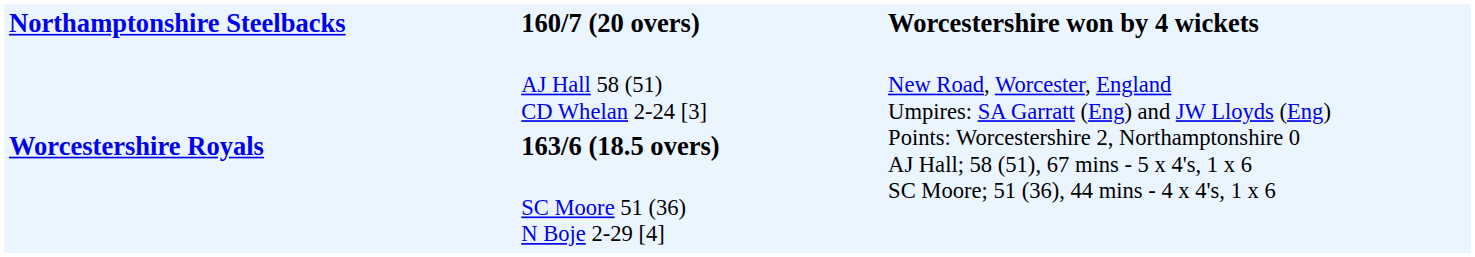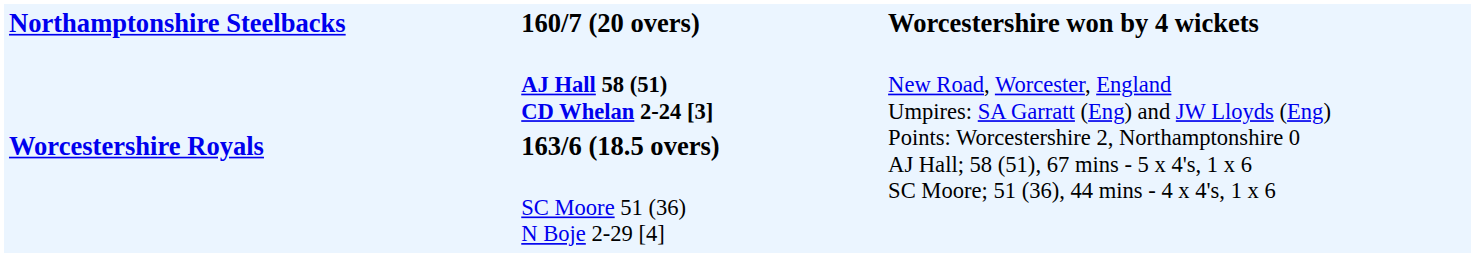 <table style="width:100%; background:#ebf5ff;">
 <tr>
 <td style="width:35%; vertical-align:top;" rowspan="2"><strong><a href='#'>Northamptonshire Steelbacks</a></strong></td>
 <td style="width:25%;"><strong>160/7 (20 overs)</strong></td>
 <td style="width:40%;"><strong>Worcestershire won by 4 wickets</strong></td>
 </tr>
 <tr>
-<td style="font-size: 85%;"><br><a href='#'>AJ Hall</a> 58 (51)<br> <a href='#'>CD Whelan</a> 2-24 [3]</td>
+<td style="font-size: 85%;"><strong><br><a href='#'>AJ Hall</a> 58 (51)<br> <a href='#'>CD Whelan</a> 2-24 [3]</strong></td>
 <td style="vertical-align:top; font-size:85%;" rowspan="3"><br><a href='#'>New Road</a>, <a href='#'>Worcester</a>, <a href='#'>England</a><br> Umpires: <a href='#'>SA Garratt</a> (<a href='#'>Eng</a>) and <a href='#'>JW Lloyds</a> (<a href='#'>Eng</a>)<br> Points: Worcestershire 2, Northamptonshire 0<br>AJ Hall; 58 (51), 67 mins - 5 x 4's, 1 x 6<br> SC Moore; 51 (36), 44 mins - 4 x 4's, 1 x 6</td>
 </tr>
 <tr>
 <td style="vertical-align:top;" rowspan="2"><strong><a href='#'>Worcestershire Royals</a></strong></td>
 <td><strong>163/6 (18.5 overs)</strong></td>
 </tr>
 <tr>
 <td style="font-size: 85%;"><br><a href='#'>SC Moore</a> 51 (36)<br> <a href='#'>N Boje</a> 2-29 [4]</td>
 </tr>
 </table>
